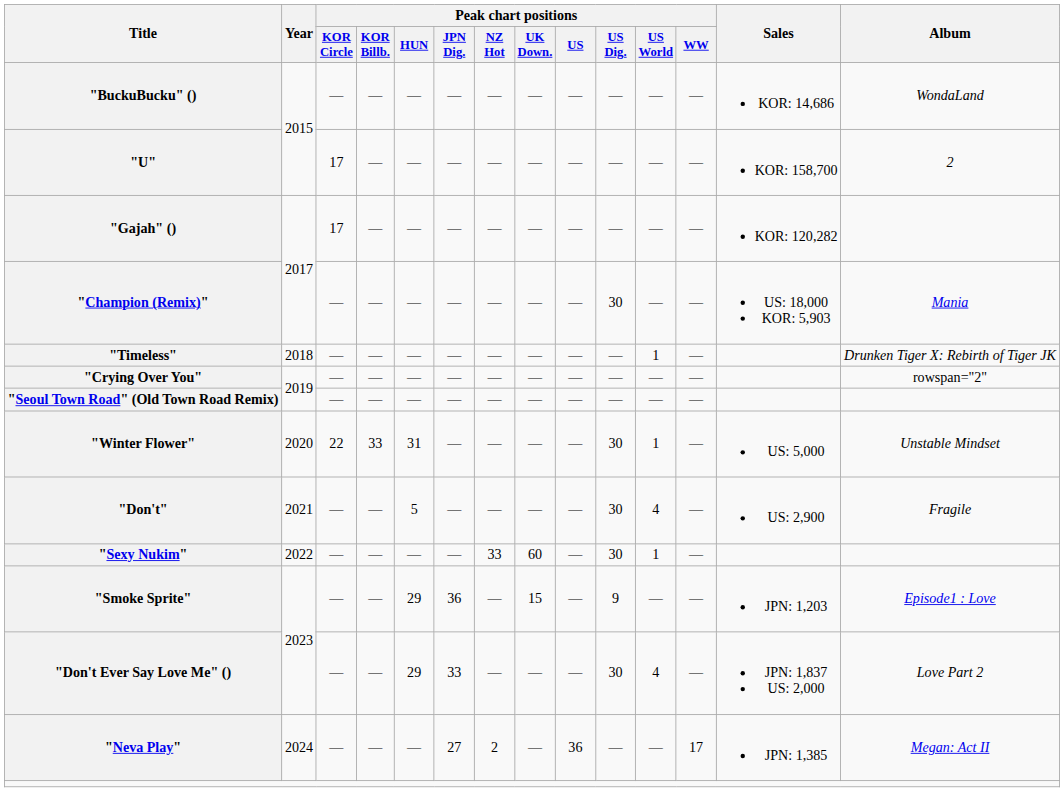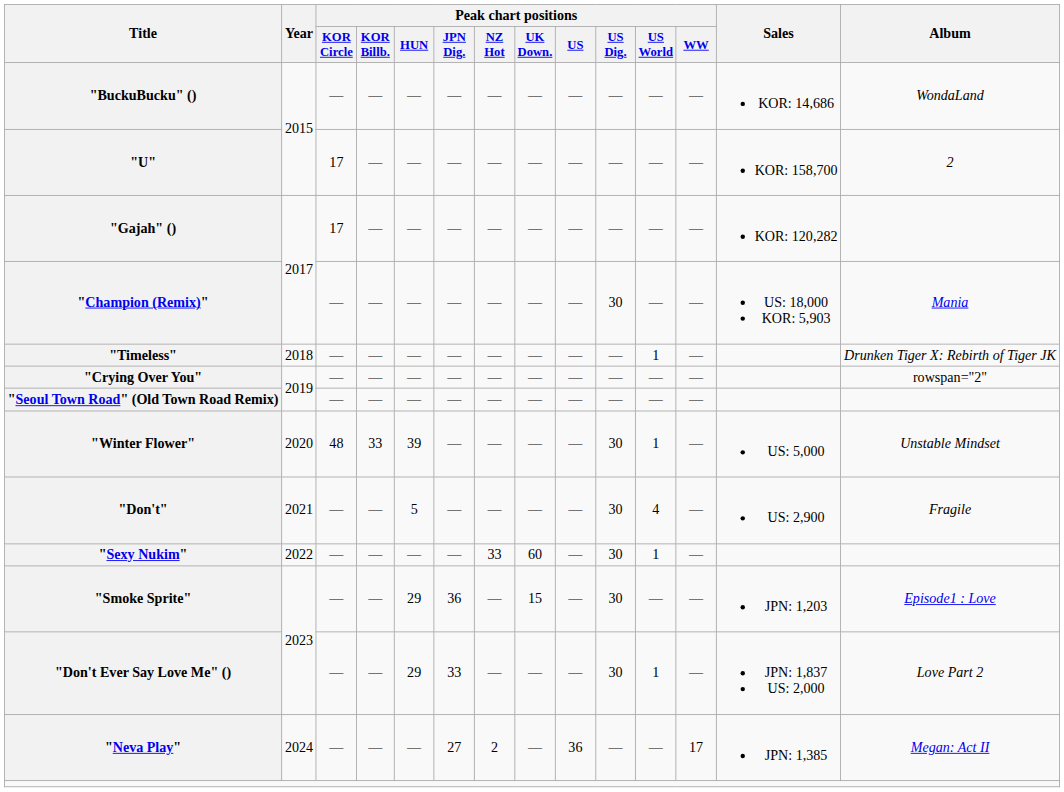 <table class="wikitable plainrowheaders" style="text-align:center;">
 <tr>
 <th rowspan="2">Title</th>
 <th scope="col" rowspan="2">Year</th>
 <th scope="col" colspan="10">Peak chart positions</th>
 <th scope="col" rowspan="2">Sales</th>
 <th scope="col" rowspan="2">Album</th>
 </tr>
 <tr>
 <th scope="col" style="width:2.7em;font-size:90%;"><a href='#'>KOR<br>Circle</a><br></th>
 <th scope="col" style="font-size:90%; width:2.5em"><a href='#'>KOR<br>Billb.</a><br></th>
 <th scope="col" style="width:2.7em;font-size:90%;"><a href='#'>HUN</a><br></th>
 <th scope="col" style="width:2.7em;font-size:90%;"><a href='#'>JPN<br>Dig.</a><br></th>
 <th scope="col" style="width:2.7em; font-size:90%"><a href='#'>NZ<br>Hot</a><br></th>
 <th scope="col" style="width:2.7em;font-size:90%;"><a href='#'>UK<br>Down.</a><br></th>
 <th scope="col" style="width:2.7em;font-size:90%;"><a href='#'>US</a><br></th>
 <th scope="col" style="width:2.7em;font-size:90%;"><a href='#'>US<br>Dig.</a><br></th>
 <th scope="col" style="width:2.7em;font-size:90%;"><a href='#'>US<br>World</a><br></th>
 <th scope="col" style="width:2.7em;font-size:90%;"><a href='#'>WW</a><br></th>
 </tr>
 <tr>
 <th scope="row">"BuckuBucku" () <br></th>
 <td rowspan="2">2015</td>
 <td>—</td>
 <td>—</td>
 <td>—</td>
 <td>—</td>
 <td>—</td>
 <td>—</td>
 <td>—</td>
 <td>—</td>
 <td>—</td>
 <td>—</td>
 <td><br><ul><li>KOR: 14,686</li></ul></td>
 <td><em>WondaLand</em></td>
 </tr>
 <tr>
 <th scope="row">"U"<br></th>
 <td>17</td>
 <td>—</td>
 <td>—</td>
 <td>—</td>
 <td>—</td>
 <td>—</td>
 <td>—</td>
 <td>—</td>
 <td>—</td>
 <td>—</td>
 <td><br><ul><li>KOR: 158,700</li></ul></td>
 <td><em>2</em></td>
 </tr>
 <tr>
 <th scope="row">"Gajah" ()<br></th>
 <td rowspan="2">2017</td>
 <td>17</td>
 <td>—</td>
 <td>—</td>
 <td>—</td>
 <td>—</td>
 <td>—</td>
 <td>—</td>
 <td>—</td>
 <td>—</td>
 <td>—</td>
 <td><br><ul><li>KOR: 120,282</li></ul></td>
 <td></td>
 </tr>
 <tr>
 <th scope="row">"<a href='#'>Champion (Remix)</a>" <br></th>
 <td>—</td>
 <td>—</td>
 <td>—</td>
 <td>—</td>
 <td>—</td>
 <td>—</td>
 <td>—</td>
 <td>30</td>
 <td>—</td>
 <td>—</td>
 <td><br><ul><li>US: 18,000</li><li>KOR: 5,903</li></ul></td>
 <td><em><a href='#'>Mania</a></em></td>
 </tr>
 <tr>
 <th scope="row">"Timeless"<br></th>
 <td>2018</td>
 <td>—</td>
 <td>—</td>
 <td>—</td>
 <td>—</td>
 <td>—</td>
 <td>—</td>
 <td>—</td>
 <td>—</td>
 <td>1</td>
 <td>—</td>
 <td></td>
 <td><em>Drunken Tiger X: Rebirth of Tiger JK</em></td>
 </tr>
 <tr>
 <th scope="row">"Crying Over You"<br></th>
 <td rowspan="2">2019</td>
 <td>—</td>
 <td>—</td>
 <td>—</td>
 <td>—</td>
 <td>—</td>
 <td>—</td>
 <td>—</td>
 <td>—</td>
 <td>—</td>
 <td>—</td>
 <td></td>
 <td>rowspan="2" </td>
 </tr>
 <tr>
 <th scope="row">"<a href='#'>Seoul Town Road</a>" (Old Town Road Remix)<br></th>
 <td>—</td>
 <td>—</td>
 <td>—</td>
 <td>—</td>
 <td>—</td>
 <td>—</td>
 <td>—</td>
 <td>—</td>
 <td>—</td>
 <td>—</td>
 <td></td>
 </tr>
 <tr>
 <th scope="row">"Winter Flower" <br></th>
 <td>2020</td>
-<td>22</td>
+<td>48</td>
 <td>33</td>
-<td>31</td>
+<td>39</td>
 <td>—</td>
 <td>—</td>
 <td>—</td>
 <td>—</td>
 <td>30</td>
 <td>1</td>
 <td>—</td>
 <td><br><ul><li>US: 5,000</li></ul></td>
 <td><em>Unstable Mindset</em></td>
 </tr>
 <tr>
 <th scope="row">"Don't"<br></th>
 <td>2021</td>
 <td>—</td>
 <td>—</td>
 <td>5</td>
 <td>—</td>
 <td>—</td>
 <td>—</td>
 <td>—</td>
 <td>30</td>
 <td>4</td>
 <td>—</td>
 <td><br><ul><li>US: 2,900</li></ul></td>
 <td><em>Fragile</em></td>
 </tr>
 <tr>
 <th scope="row">"<a href='#'>Sexy Nukim</a>"<br></th>
 <td>2022</td>
 <td>—</td>
 <td>—</td>
 <td>—</td>
 <td>—</td>
 <td>33</td>
 <td>60</td>
 <td>—</td>
 <td>30</td>
 <td>1</td>
 <td>—</td>
 <td></td>
 <td></td>
 </tr>
 <tr>
 <th scope="row">"Smoke Sprite"<br></th>
 <td rowspan="2">2023</td>
 <td>—</td>
 <td>—</td>
 <td>29</td>
 <td>36</td>
 <td>—</td>
 <td>15</td>
 <td>—</td>
-<td>9</td>
+<td>30</td>
 <td>—</td>
 <td>—</td>
 <td><br><ul><li>JPN: 1,203 </li></ul></td>
 <td><em><a href='#'>Episode1 : Love</a></em></td>
 </tr>
 <tr>
 <th scope="row">"Don't Ever Say Love Me" ()<br></th>
 <td>—</td>
 <td>—</td>
 <td>29</td>
 <td>33</td>
 <td>—</td>
 <td>—</td>
 <td>—</td>
 <td>30</td>
-<td>4</td>
+<td>1</td>
 <td>—</td>
 <td><br><ul><li>JPN: 1,837 </li><li>US: 2,000</li></ul></td>
 <td><em>Love Part 2</em></td>
 </tr>
 <tr>
 <th scope="row">"<a href='#'>Neva Play</a>"<br></th>
 <td>2024</td>
 <td>—</td>
 <td>—</td>
 <td>—</td>
 <td>27</td>
 <td>2</td>
 <td>—</td>
 <td>36</td>
 <td>—</td>
 <td>—</td>
 <td>17</td>
 <td><br><ul><li>JPN: 1,385 </li></ul></td>
 <td><em><a href='#'>Megan: Act II</a></em></td>
 </tr>
 <tr>
 <td colspan="14"></td>
 </tr>
 </table>
